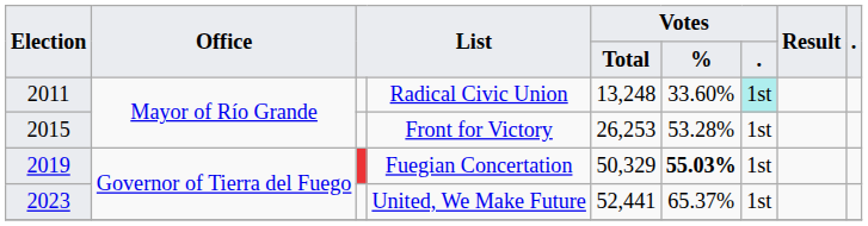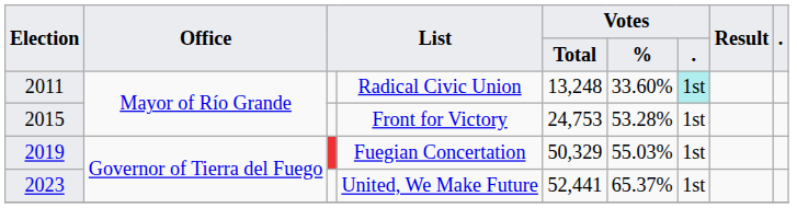 <table class="wikitable" style="font-size:90%; text-align:center;">
 <tr>
 <th style="background-color:#EAECF0;" rowspan=2>Election</th>
 <th style="background-color:#EAECF0;" rowspan=2>Office</th>
 <th style="background-color:#EAECF0;" colspan=2 rowspan=2>List</th>
 <th style="background-color:#EAECF0;" colspan=3>Votes</th>
 <th style="background-color:#EAECF0;" rowspan=2>Result</th>
 <th style="background-color:#EAECF0;" rowspan=2>.</th>
 </tr>
 <tr>
 <th style="background-color:#EAECF0;">Total</th>
 <th style="background-color:#EAECF0;">%</th>
 <th style="background-color:#EAECF0;">.</th>
 </tr>
 <tr>
 <td style="background-color:#EAECF0;">2011</td>
 <td rowspan="2"><a href='#'>Mayor of Río Grande</a></td>
 <td style="background-color:"></td>
 <td><a href='#'>Radical Civic Union</a></td>
 <td>13,248</td>
 <td>33.60%</td>
 <td style="background: paleturquoise;">1st</td>
 <td></td>
 <td></td>
 </tr>
 <tr>
 <td style="background-color:#EAECF0;">2015</td>
 <td style="background-color:"></td>
 <td><a href='#'>Front for Victory</a></td>
-<td>26,253</td>
+<td>24,753</td>
 <td>53.28%</td>
 <td>1st</td>
 <td></td>
 <td></td>
 </tr>
 <tr>
 <td style="background-color:#EAECF0;"><a href='#'>2019</a></td>
 <td rowspan="2"><a href='#'>Governor of Tierra del Fuego</a></td>
 <td style="background-color:#ed3236;"></td>
 <td><a href='#'>Fuegian Concertation</a></td>
 <td>50,329</td>
-<td><strong>55.03%</strong></td>
+<td>55.03%</td>
 <td>1st</td>
 <td></td>
 <td></td>
 </tr>
 <tr>
 <td style="background-color:#EAECF0;"><a href='#'>2023</a></td>
 <td style="background-color:"></td>
 <td><a href='#'>United, We Make Future</a></td>
 <td>52,441</td>
 <td>65.37%</td>
 <td>1st</td>
 <td></td>
 <td></td>
 </tr>
 <tr>
 </tr>
 </table>
